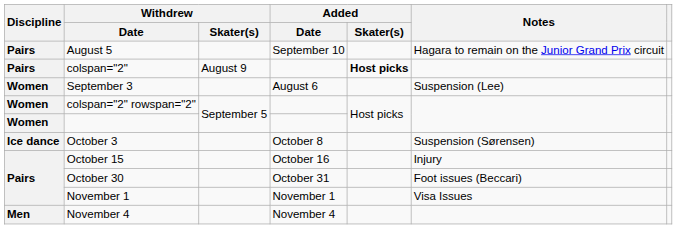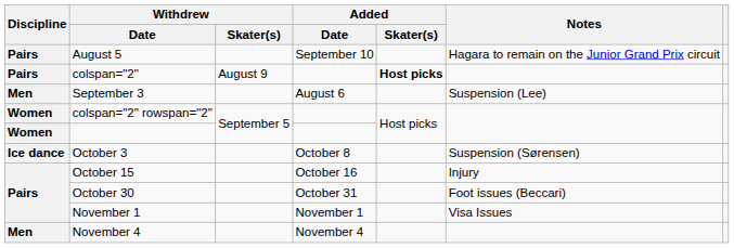 <table class="wikitable unsortable">
 <tr>
 <th scope="col" rowspan=2>Discipline</th>
 <th scope="col" colspan=2>Withdrew</th>
 <th scope="col" colspan=2>Added</th>
 <th scope="col" rowspan=2>Notes</th>
 <th scope="col" rowspan=2></th>
 </tr>
 <tr>
 <th>Date</th>
 <th>Skater(s)</th>
 <th>Date</th>
 <th>Skater(s)</th>
 </tr>
 <tr>
 <th scope="row" style="text-align:left">Pairs</th>
 <td>August 5</td>
 <td></td>
 <td>September 10</td>
 <td></td>
 <td>Hagara to remain on the <a href='#'>Junior Grand Prix</a> circuit</td>
 <td></td>
 </tr>
 <tr>
 <th scope="row" style="text-align:left">Pairs</th>
 <td>colspan="2" </td>
 <td>August 9</td>
 <td></td>
 <td><strong>Host picks</strong></td>
 <td></td>
 </tr>
 <tr>
-<th scope="row" style="text-align:left">Women</th>
+<th scope="row" style="text-align:left">Men</th>
 <td>September 3</td>
 <td></td>
 <td>August 6</td>
 <td></td>
 <td>Suspension (Lee)</td>
 <td></td>
 </tr>
 <tr>
 <th scope="row" style="text-align:left">Women</th>
 <td>colspan="2" rowspan="2" </td>
 <td rowspan="2">September 5</td>
 <td></td>
 <td rowspan="2">Host picks</td>
 <td rowspan="2"></td>
 </tr>
 <tr>
 <th scope="row" style="text-align:left">Women</th>
 <td></td>
 </tr>
 <tr>
 <th scope="row" style="text-align:left">Ice dance</th>
 <td>October 3</td>
 <td></td>
 <td>October 8</td>
 <td></td>
 <td>Suspension (Sørensen)</td>
 <td></td>
 </tr>
 <tr>
 <th scope="row" style="text-align:left" rowspan=3>Pairs</th>
 <td>October 15</td>
 <td></td>
 <td>October 16</td>
 <td></td>
 <td>Injury</td>
 <td></td>
 </tr>
 <tr>
 <td>October 30</td>
 <td></td>
 <td>October 31</td>
 <td></td>
 <td>Foot issues (Beccari)</td>
 <td></td>
 </tr>
 <tr>
 <td>November 1</td>
 <td></td>
 <td>November 1</td>
 <td></td>
 <td>Visa Issues</td>
 <td></td>
 </tr>
 <tr>
 <th scope="row" style="text-align:left">Men</th>
 <td>November 4</td>
 <td></td>
 <td>November 4</td>
 <td></td>
 <td></td>
 <td></td>
 </tr>
 </table>
